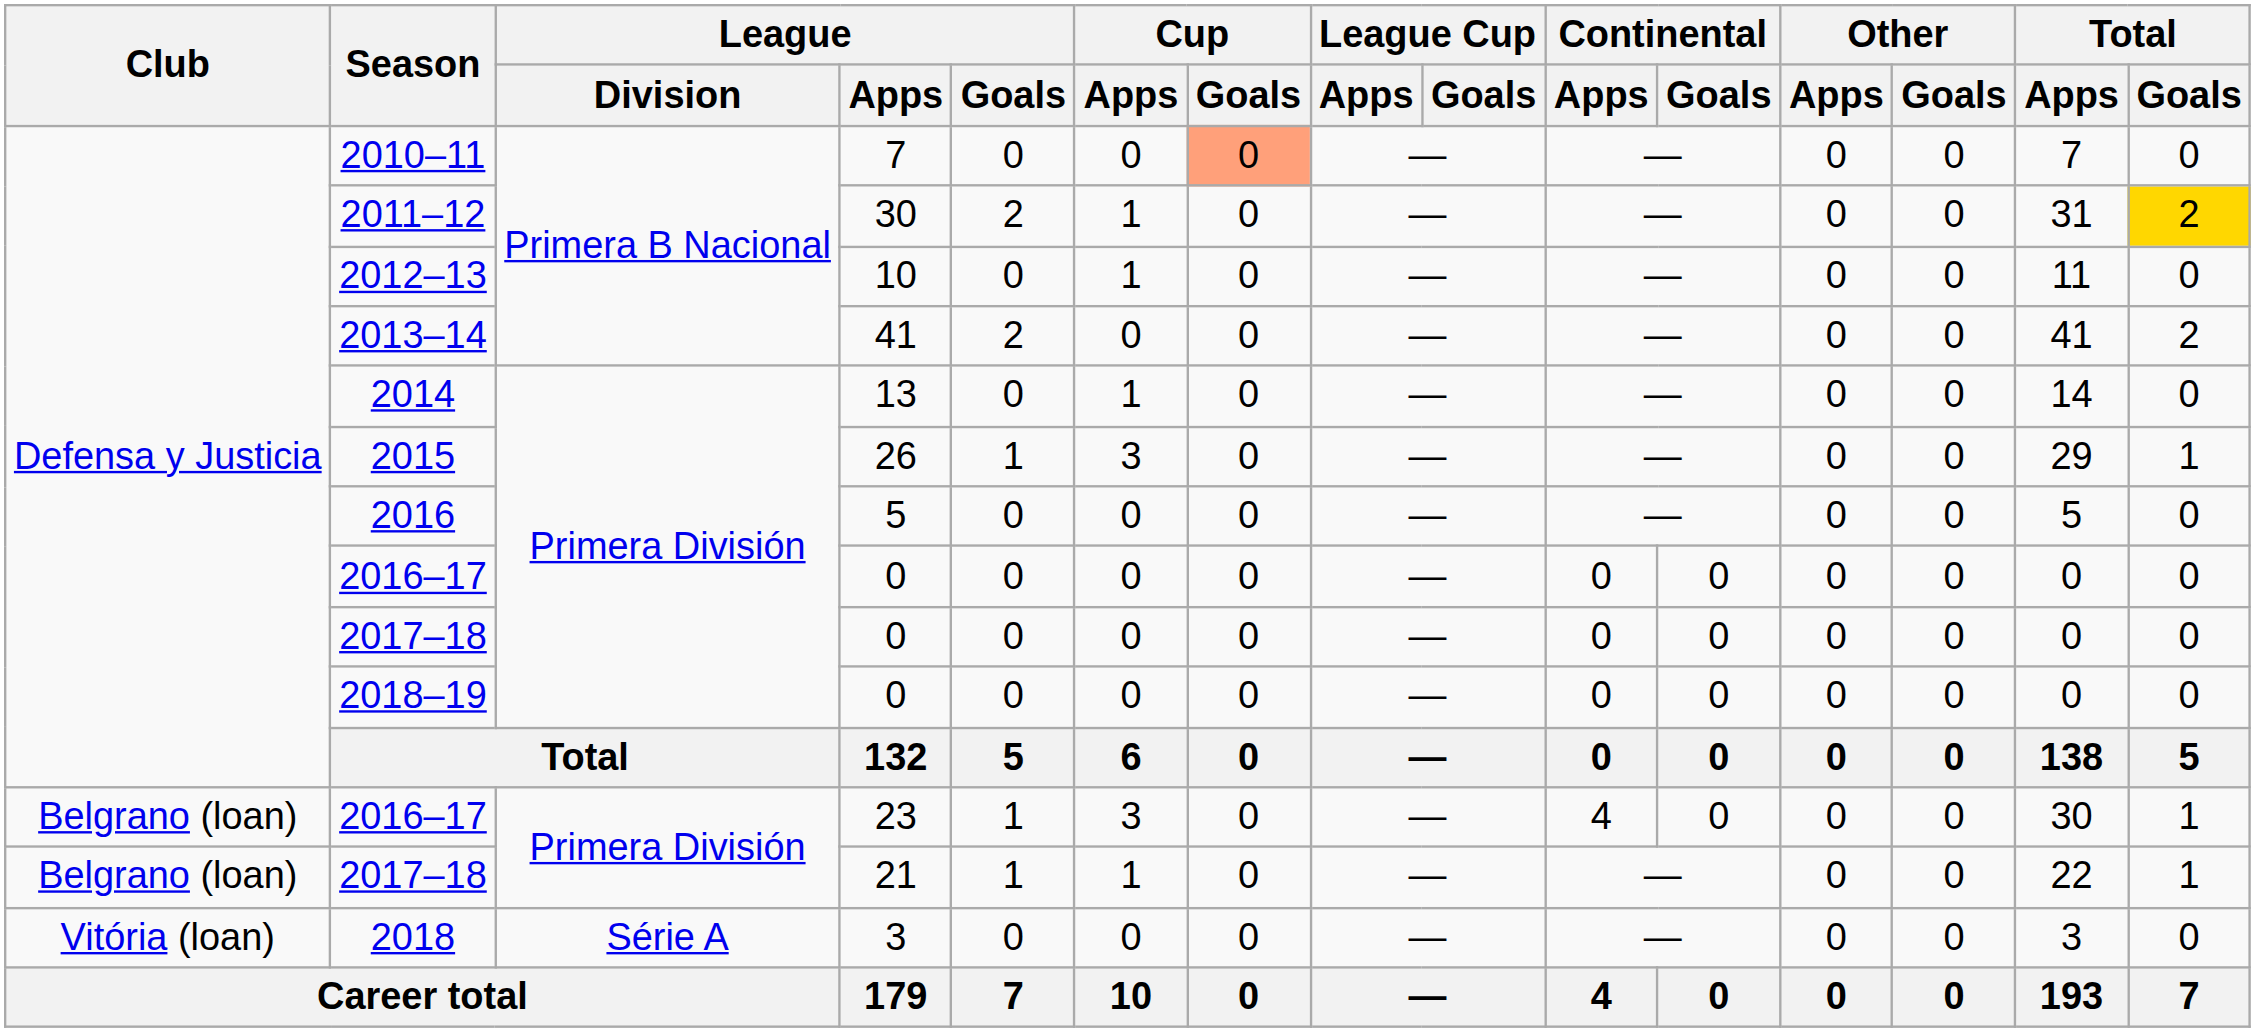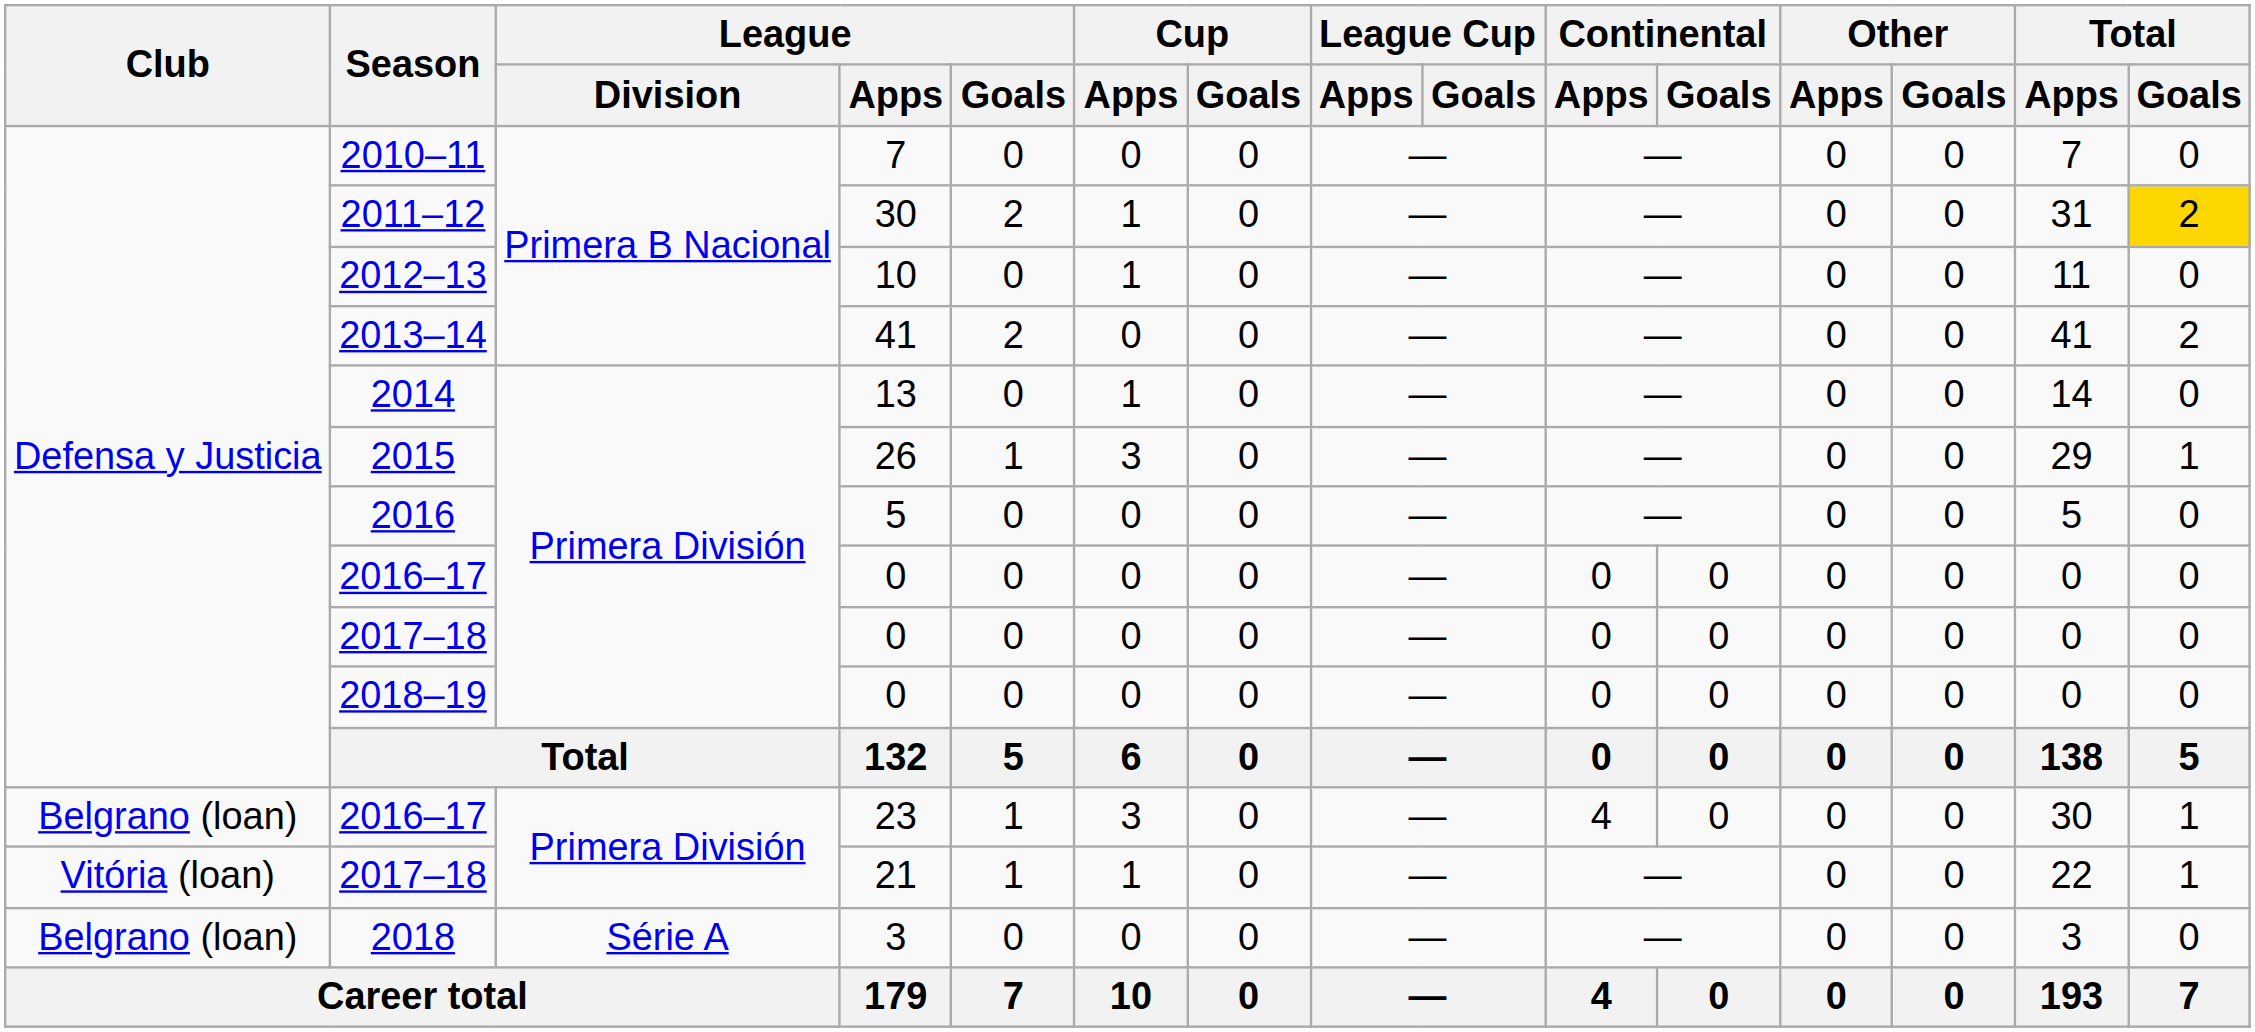 <table class="wikitable" style="text-align:center">
 <tr>
 <th rowspan="2">Club</th>
 <th rowspan="2">Season</th>
 <th colspan="3">League</th>
 <th colspan="2">Cup</th>
 <th colspan="2">League Cup</th>
 <th colspan="2">Continental</th>
 <th colspan="2">Other</th>
 <th colspan="2">Total</th>
 </tr>
 <tr>
 <th>Division</th>
 <th>Apps</th>
 <th>Goals</th>
 <th>Apps</th>
 <th>Goals</th>
 <th>Apps</th>
 <th>Goals</th>
 <th>Apps</th>
 <th>Goals</th>
 <th>Apps</th>
 <th>Goals</th>
 <th>Apps</th>
 <th>Goals</th>
 </tr>
 <tr>
 <td rowspan="11"><a href='#'>Defensa y Justicia</a></td>
 <td><a href='#'>2010–11</a></td>
 <td rowspan="4"><a href='#'>Primera B Nacional</a></td>
 <td>7</td>
 <td>0</td>
 <td>0</td>
-<td style="background: lightsalmon;">0</td>
+<td>0</td>
 <td colspan="2">—</td>
 <td colspan="2">—</td>
 <td>0</td>
 <td>0</td>
 <td>7</td>
 <td>0</td>
 </tr>
 <tr>
 <td><a href='#'>2011–12</a></td>
 <td>30</td>
 <td>2</td>
 <td>1</td>
 <td>0</td>
 <td colspan="2">—</td>
 <td colspan="2">—</td>
 <td>0</td>
 <td>0</td>
 <td>31</td>
 <td style="background: gold;">2</td>
 </tr>
 <tr>
 <td><a href='#'>2012–13</a></td>
 <td>10</td>
 <td>0</td>
 <td>1</td>
 <td>0</td>
 <td colspan="2">—</td>
 <td colspan="2">—</td>
 <td>0</td>
 <td>0</td>
 <td>11</td>
 <td>0</td>
 </tr>
 <tr>
 <td><a href='#'>2013–14</a></td>
 <td>41</td>
 <td>2</td>
 <td>0</td>
 <td>0</td>
 <td colspan="2">—</td>
 <td colspan="2">—</td>
 <td>0</td>
 <td>0</td>
 <td>41</td>
 <td>2</td>
 </tr>
 <tr>
 <td><a href='#'>2014</a></td>
 <td rowspan="6"><a href='#'>Primera División</a></td>
 <td>13</td>
 <td>0</td>
 <td>1</td>
 <td>0</td>
 <td colspan="2">—</td>
 <td colspan="2">—</td>
 <td>0</td>
 <td>0</td>
 <td>14</td>
 <td>0</td>
 </tr>
 <tr>
 <td><a href='#'>2015</a></td>
 <td>26</td>
 <td>1</td>
 <td>3</td>
 <td>0</td>
 <td colspan="2">—</td>
 <td colspan="2">—</td>
 <td>0</td>
 <td>0</td>
 <td>29</td>
 <td>1</td>
 </tr>
 <tr>
 <td><a href='#'>2016</a></td>
 <td>5</td>
 <td>0</td>
 <td>0</td>
 <td>0</td>
 <td colspan="2">—</td>
 <td colspan="2">—</td>
 <td>0</td>
 <td>0</td>
 <td>5</td>
 <td>0</td>
 </tr>
 <tr>
 <td><a href='#'>2016–17</a></td>
 <td>0</td>
 <td>0</td>
 <td>0</td>
 <td>0</td>
 <td colspan="2">—</td>
 <td>0</td>
 <td>0</td>
 <td>0</td>
 <td>0</td>
 <td>0</td>
 <td>0</td>
 </tr>
 <tr>
 <td><a href='#'>2017–18</a></td>
 <td>0</td>
 <td>0</td>
 <td>0</td>
 <td>0</td>
 <td colspan="2">—</td>
 <td>0</td>
 <td>0</td>
 <td>0</td>
 <td>0</td>
 <td>0</td>
 <td>0</td>
 </tr>
 <tr>
 <td><a href='#'>2018–19</a></td>
 <td>0</td>
 <td>0</td>
 <td>0</td>
 <td>0</td>
 <td colspan="2">—</td>
 <td>0</td>
 <td>0</td>
 <td>0</td>
 <td>0</td>
 <td>0</td>
 <td>0</td>
 </tr>
 <tr>
 <th colspan="2">Total</th>
 <th>132</th>
 <th>5</th>
 <th>6</th>
 <th>0</th>
 <th colspan="2">—</th>
 <th>0</th>
 <th>0</th>
 <th>0</th>
 <th>0</th>
 <th>138</th>
 <th>5</th>
 </tr>
 <tr>
 <td rowspan="1"><a href='#'>Belgrano</a> (loan)</td>
 <td><a href='#'>2016–17</a></td>
 <td rowspan="2"><a href='#'>Primera División</a></td>
 <td>23</td>
 <td>1</td>
 <td>3</td>
 <td>0</td>
 <td colspan="2">—</td>
 <td>4</td>
 <td>0</td>
 <td>0</td>
 <td>0</td>
 <td>30</td>
 <td>1</td>
 </tr>
 <tr>
-<td rowspan="1"><a href='#'>Belgrano</a> (loan)</td>
+<td rowspan="1"><a href='#'>Vitória</a> (loan)</td>
 <td><a href='#'>2017–18</a></td>
 <td>21</td>
 <td>1</td>
 <td>1</td>
 <td>0</td>
 <td colspan="2">—</td>
 <td colspan="2">—</td>
 <td>0</td>
 <td>0</td>
 <td>22</td>
 <td>1</td>
 </tr>
 <tr>
-<td rowspan="1"><a href='#'>Vitória</a> (loan)</td>
+<td rowspan="1"><a href='#'>Belgrano</a> (loan)</td>
 <td><a href='#'>2018</a></td>
 <td rowspan="1"><a href='#'>Série A</a></td>
 <td>3</td>
 <td>0</td>
 <td>0</td>
 <td>0</td>
 <td colspan="2">—</td>
 <td colspan="2">—</td>
 <td>0</td>
 <td>0</td>
 <td>3</td>
 <td>0</td>
 </tr>
 <tr>
 <th colspan="3">Career total</th>
 <th>179</th>
 <th>7</th>
 <th>10</th>
 <th>0</th>
 <th colspan="2">—</th>
 <th>4</th>
 <th>0</th>
 <th>0</th>
 <th>0</th>
 <th>193</th>
 <th>7</th>
 </tr>
 </table>
